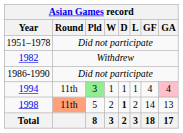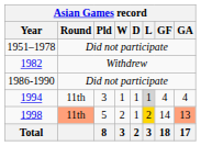 <table class="wikitable" style="text-align: center;">
 <tr>
 <th colspan=9><a href='#'>Asian Games</a> record</th>
 </tr>
 <tr>
 <th>Year</th>
 <th>Round</th>
 <th>Pld</th>
 <th>W</th>
 <th>D</th>
 <th>L</th>
 <th>GF</th>
 <th>GA</th>
 </tr>
 <tr>
 <td>1951–1978</td>
 <td colspan=8><em>Did not participate</em></td>
 </tr>
 <tr>
 <td> <a href='#'>1982</a></td>
 <td colspan=8><em>Withdrew</em></td>
 </tr>
 <tr>
 <td>1986-1990</td>
 <td colspan=8><em>Did not participate</em></td>
 </tr>
 <tr>
 <td> <a href='#'>1994</a></td>
 <td>11th</td>
-<td style="background: lightgreen;">3</td>
+<td>3</td>
 <td>1</td>
 <td>1</td>
-<td>1</td>
+<td style="background: lightgrey;">1</td>
 <td>4</td>
-<td style="background: pink;">4</td>
+<td>4</td>
 </tr>
 <tr>
 <td> <a href='#'>1998</a></td>
 <td style="background: lightsalmon;">11th</td>
 <td>5</td>
 <td>2</td>
-<td><strong>1</strong></td>
-<td>2</td>
+<td>1</td>
+<td style="background: gold;">2</td>
 <td>14</td>
-<td>13</td>
+<td style="background: lightsalmon;">13</td>
 </tr>
 <tr>
 <th>Total</th>
 <th></th>
 <th>8</th>
 <th>3</th>
 <th>2</th>
 <th>3</th>
 <th>18</th>
 <th>17</th>
 </tr>
 </table>
